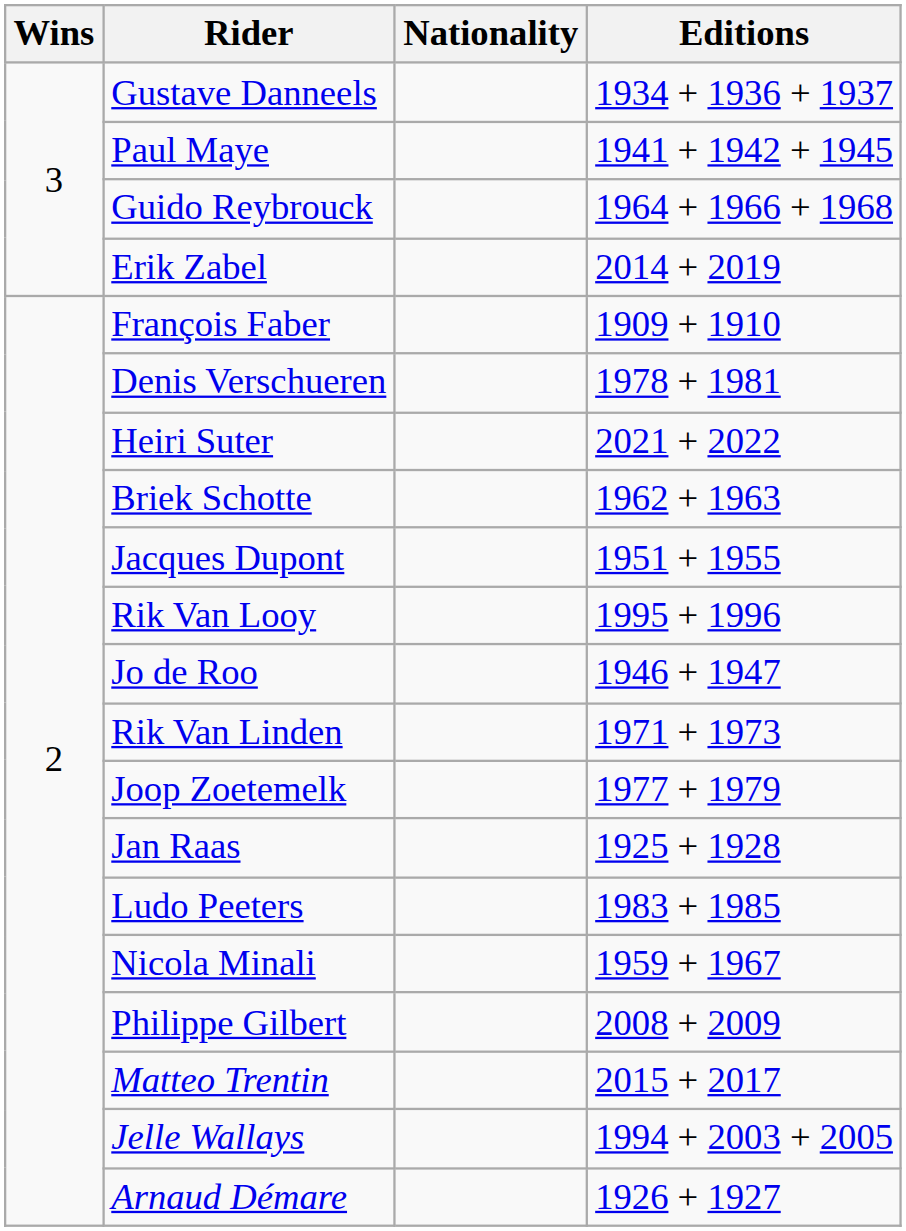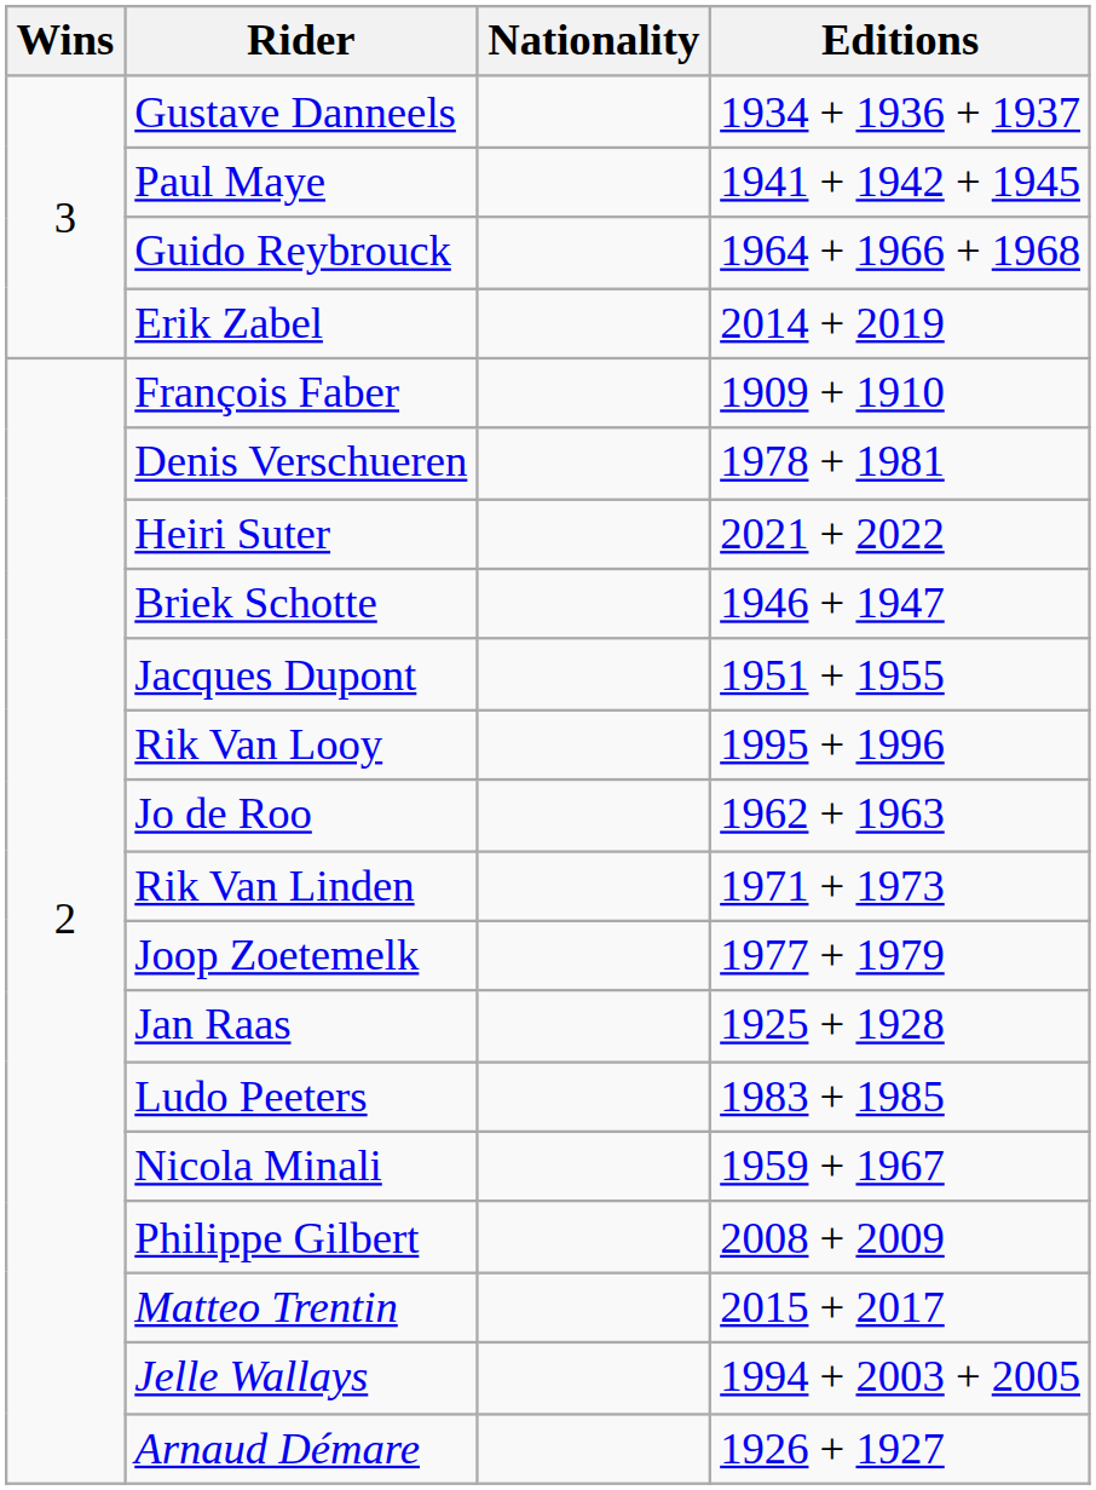 <table class="wikitable">
 <tr>
 <th>Wins</th>
 <th>Rider</th>
 <th>Nationality</th>
 <th>Editions</th>
 </tr>
 <tr>
 <td align=center rowspan= 4>3</td>
 <td><a href='#'>Gustave Danneels</a></td>
 <td></td>
 <td><a href='#'>1934</a> + <a href='#'>1936</a> + <a href='#'>1937</a></td>
 </tr>
 <tr>
 <td><a href='#'>Paul Maye</a></td>
 <td></td>
 <td><a href='#'>1941</a> + <a href='#'>1942</a> + <a href='#'>1945</a></td>
 </tr>
 <tr>
 <td><a href='#'>Guido Reybrouck</a></td>
 <td></td>
 <td><a href='#'>1964</a> + <a href='#'>1966</a> + <a href='#'>1968</a></td>
 </tr>
 <tr>
 <td><a href='#'>Erik Zabel</a></td>
 <td></td>
 <td><a href='#'>2014</a> + <a href='#'>2019</a></td>
 </tr>
 <tr>
 <td align=center rowspan= 16>2</td>
 <td><a href='#'>François Faber</a></td>
 <td></td>
 <td><a href='#'>1909</a> + <a href='#'>1910</a></td>
 </tr>
 <tr>
 <td><a href='#'>Denis Verschueren</a></td>
 <td></td>
 <td><a href='#'>1978</a> + <a href='#'>1981</a></td>
 </tr>
 <tr>
 <td><a href='#'>Heiri Suter</a></td>
 <td></td>
 <td><a href='#'>2021</a> + <a href='#'>2022</a></td>
 </tr>
 <tr>
 <td><a href='#'>Briek Schotte</a></td>
 <td></td>
-<td><a href='#'>1962</a> + <a href='#'>1963</a></td>
+<td><a href='#'>1946</a> + <a href='#'>1947</a></td>
 </tr>
 <tr>
 <td><a href='#'>Jacques Dupont</a></td>
 <td></td>
 <td><a href='#'>1951</a> + <a href='#'>1955</a></td>
 </tr>
 <tr>
 <td><a href='#'>Rik Van Looy</a></td>
 <td></td>
 <td><a href='#'>1995</a> + <a href='#'>1996</a></td>
 </tr>
 <tr>
 <td><a href='#'>Jo de Roo</a></td>
 <td></td>
-<td><a href='#'>1946</a> + <a href='#'>1947</a></td>
+<td><a href='#'>1962</a> + <a href='#'>1963</a></td>
 </tr>
 <tr>
 <td><a href='#'>Rik Van Linden</a></td>
 <td></td>
 <td><a href='#'>1971</a> + <a href='#'>1973</a></td>
 </tr>
 <tr>
 <td><a href='#'>Joop Zoetemelk</a></td>
 <td></td>
 <td><a href='#'>1977</a> + <a href='#'>1979</a></td>
 </tr>
 <tr>
 <td><a href='#'>Jan Raas</a></td>
 <td></td>
 <td><a href='#'>1925</a> + <a href='#'>1928</a></td>
 </tr>
 <tr>
 <td><a href='#'>Ludo Peeters</a></td>
 <td></td>
 <td><a href='#'>1983</a> + <a href='#'>1985</a></td>
 </tr>
 <tr>
 <td><a href='#'>Nicola Minali</a></td>
 <td></td>
 <td><a href='#'>1959</a> + <a href='#'>1967</a></td>
 </tr>
 <tr>
 <td><a href='#'>Philippe Gilbert</a></td>
 <td></td>
 <td><a href='#'>2008</a> + <a href='#'>2009</a></td>
 </tr>
 <tr>
 <td><em><a href='#'>Matteo Trentin</a></em></td>
 <td></td>
 <td><a href='#'>2015</a> + <a href='#'>2017</a></td>
 </tr>
 <tr>
 <td><em><a href='#'>Jelle Wallays</a></em></td>
 <td></td>
 <td><a href='#'>1994</a> + <a href='#'>2003</a> + <a href='#'>2005</a></td>
 </tr>
 <tr>
 <td><em><a href='#'>Arnaud Démare</a></em></td>
 <td></td>
 <td><a href='#'>1926</a> + <a href='#'>1927</a></td>
 </tr>
 </table>
